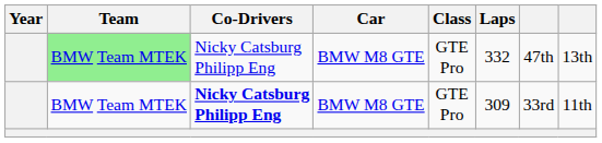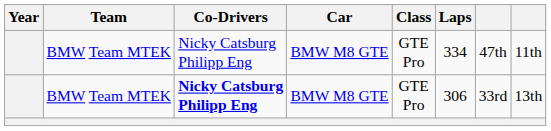 <table class="wikitable" style="text-align:center; font-size:90%">
 <tr>
 <th>Year</th>
 <th>Team</th>
 <th>Co-Drivers</th>
 <th>Car</th>
 <th>Class</th>
 <th>Laps</th>
 <th></th>
 <th></th>
 </tr>
 <tr>
 <th></th>
-<td align="left" style="background: lightgreen;"> <a href='#'>BMW</a> <a href='#'>Team MTEK</a></td>
+<td align="left"> <a href='#'>BMW</a> <a href='#'>Team MTEK</a></td>
 <td align="left"> <a href='#'>Nicky Catsburg</a><br> <a href='#'>Philipp Eng</a></td>
 <td align="left"><a href='#'>BMW M8 GTE</a></td>
 <td>GTE<br>Pro</td>
-<td>332</td>
+<td>334</td>
 <td>47th</td>
-<td>13th</td>
+<td>11th</td>
 </tr>
 <tr>
 <th></th>
 <td align="left"> <a href='#'>BMW</a> <a href='#'>Team MTEK</a></td>
 <td align="left"><strong> <a href='#'>Nicky Catsburg</a><br> <a href='#'>Philipp Eng</a></strong></td>
 <td align="left"><a href='#'>BMW M8 GTE</a></td>
 <td>GTE<br>Pro</td>
-<td>309</td>
+<td>306</td>
 <td>33rd</td>
-<td>11th</td>
+<td>13th</td>
 </tr>
 <tr>
 <th colspan="8"></th>
 </tr>
 </table>
